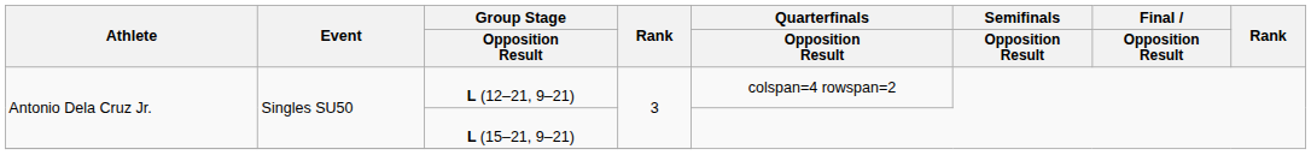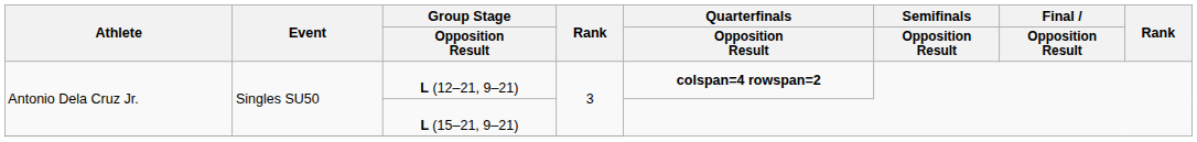 <table class="wikitable" width="98%" style="text-align:left; font-size:90%">
 <tr>
 <th rowspan=2>Athlete</th>
 <th rowspan=2>Event</th>
 <th>Group Stage</th>
 <th rowspan=2>Rank</th>
 <th>Quarterfinals</th>
 <th>Semifinals</th>
 <th>Final / </th>
 <th rowspan=2>Rank</th>
 </tr>
 <tr style="font-size:95%">
 <th>Opposition<br>Result</th>
 <th>Opposition<br>Result</th>
 <th>Opposition<br>Result</th>
 <th>Opposition<br>Result</th>
 </tr>
 <tr align=center>
 <td align=left rowspan=2>Antonio Dela Cruz Jr.</td>
 <td align=left rowspan=2>Singles SU50</td>
 <td><br><strong>L</strong> (12–21, 9–21)</td>
 <td rowspan=2>3</td>
-<td>colspan=4 rowspan=2 </td>
+<td><strong>colspan=4 rowspan=2 </strong></td>
 </tr>
 <tr align=center>
 <td><br><strong>L </strong> (15–21, 9–21)</td>
 </tr>
 <tr align=center>
 </tr>
 </table>
